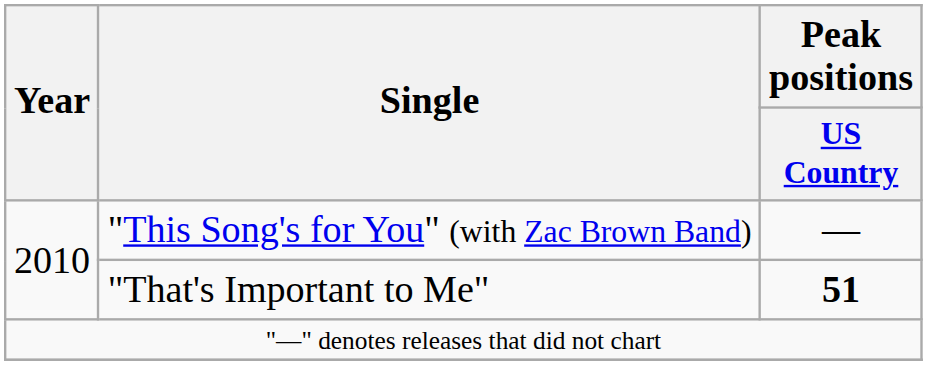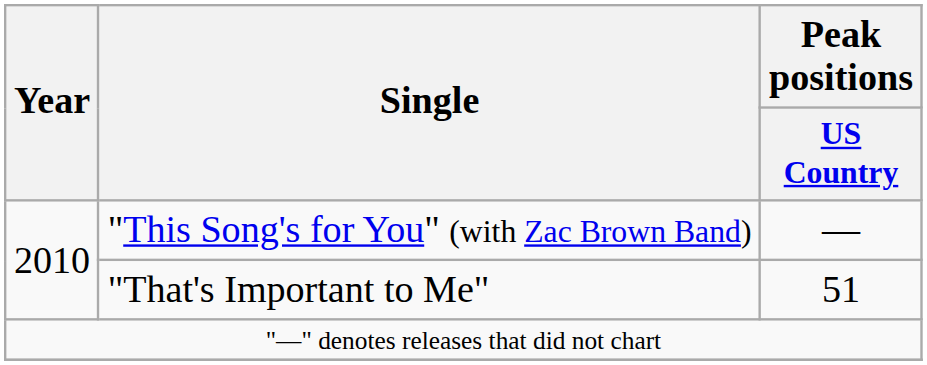 <table class="wikitable" style="text-align:center;">
 <tr>
 <th rowspan="2">Year</th>
 <th rowspan="2">Single</th>
 <th colspan="1">Peak positions</th>
 </tr>
 <tr style="font-size:smaller;">
 <th width="50"><a href='#'>US Country</a></th>
 </tr>
 <tr>
 <td rowspan="2">2010</td>
 <td align="left">"<a href='#'>This Song's for You</a>" <small>(with <a href='#'>Zac Brown Band</a>)</small></td>
 <td>—</td>
 </tr>
 <tr>
 <td align="left">"That's Important to Me"</td>
-<td><strong>51</strong></td>
+<td>51</td>
 </tr>
 <tr>
 <td colspan="10" style="font-size:8pt">"—" denotes releases that did not chart</td>
 </tr>
 <tr>
 </tr>
 </table>
